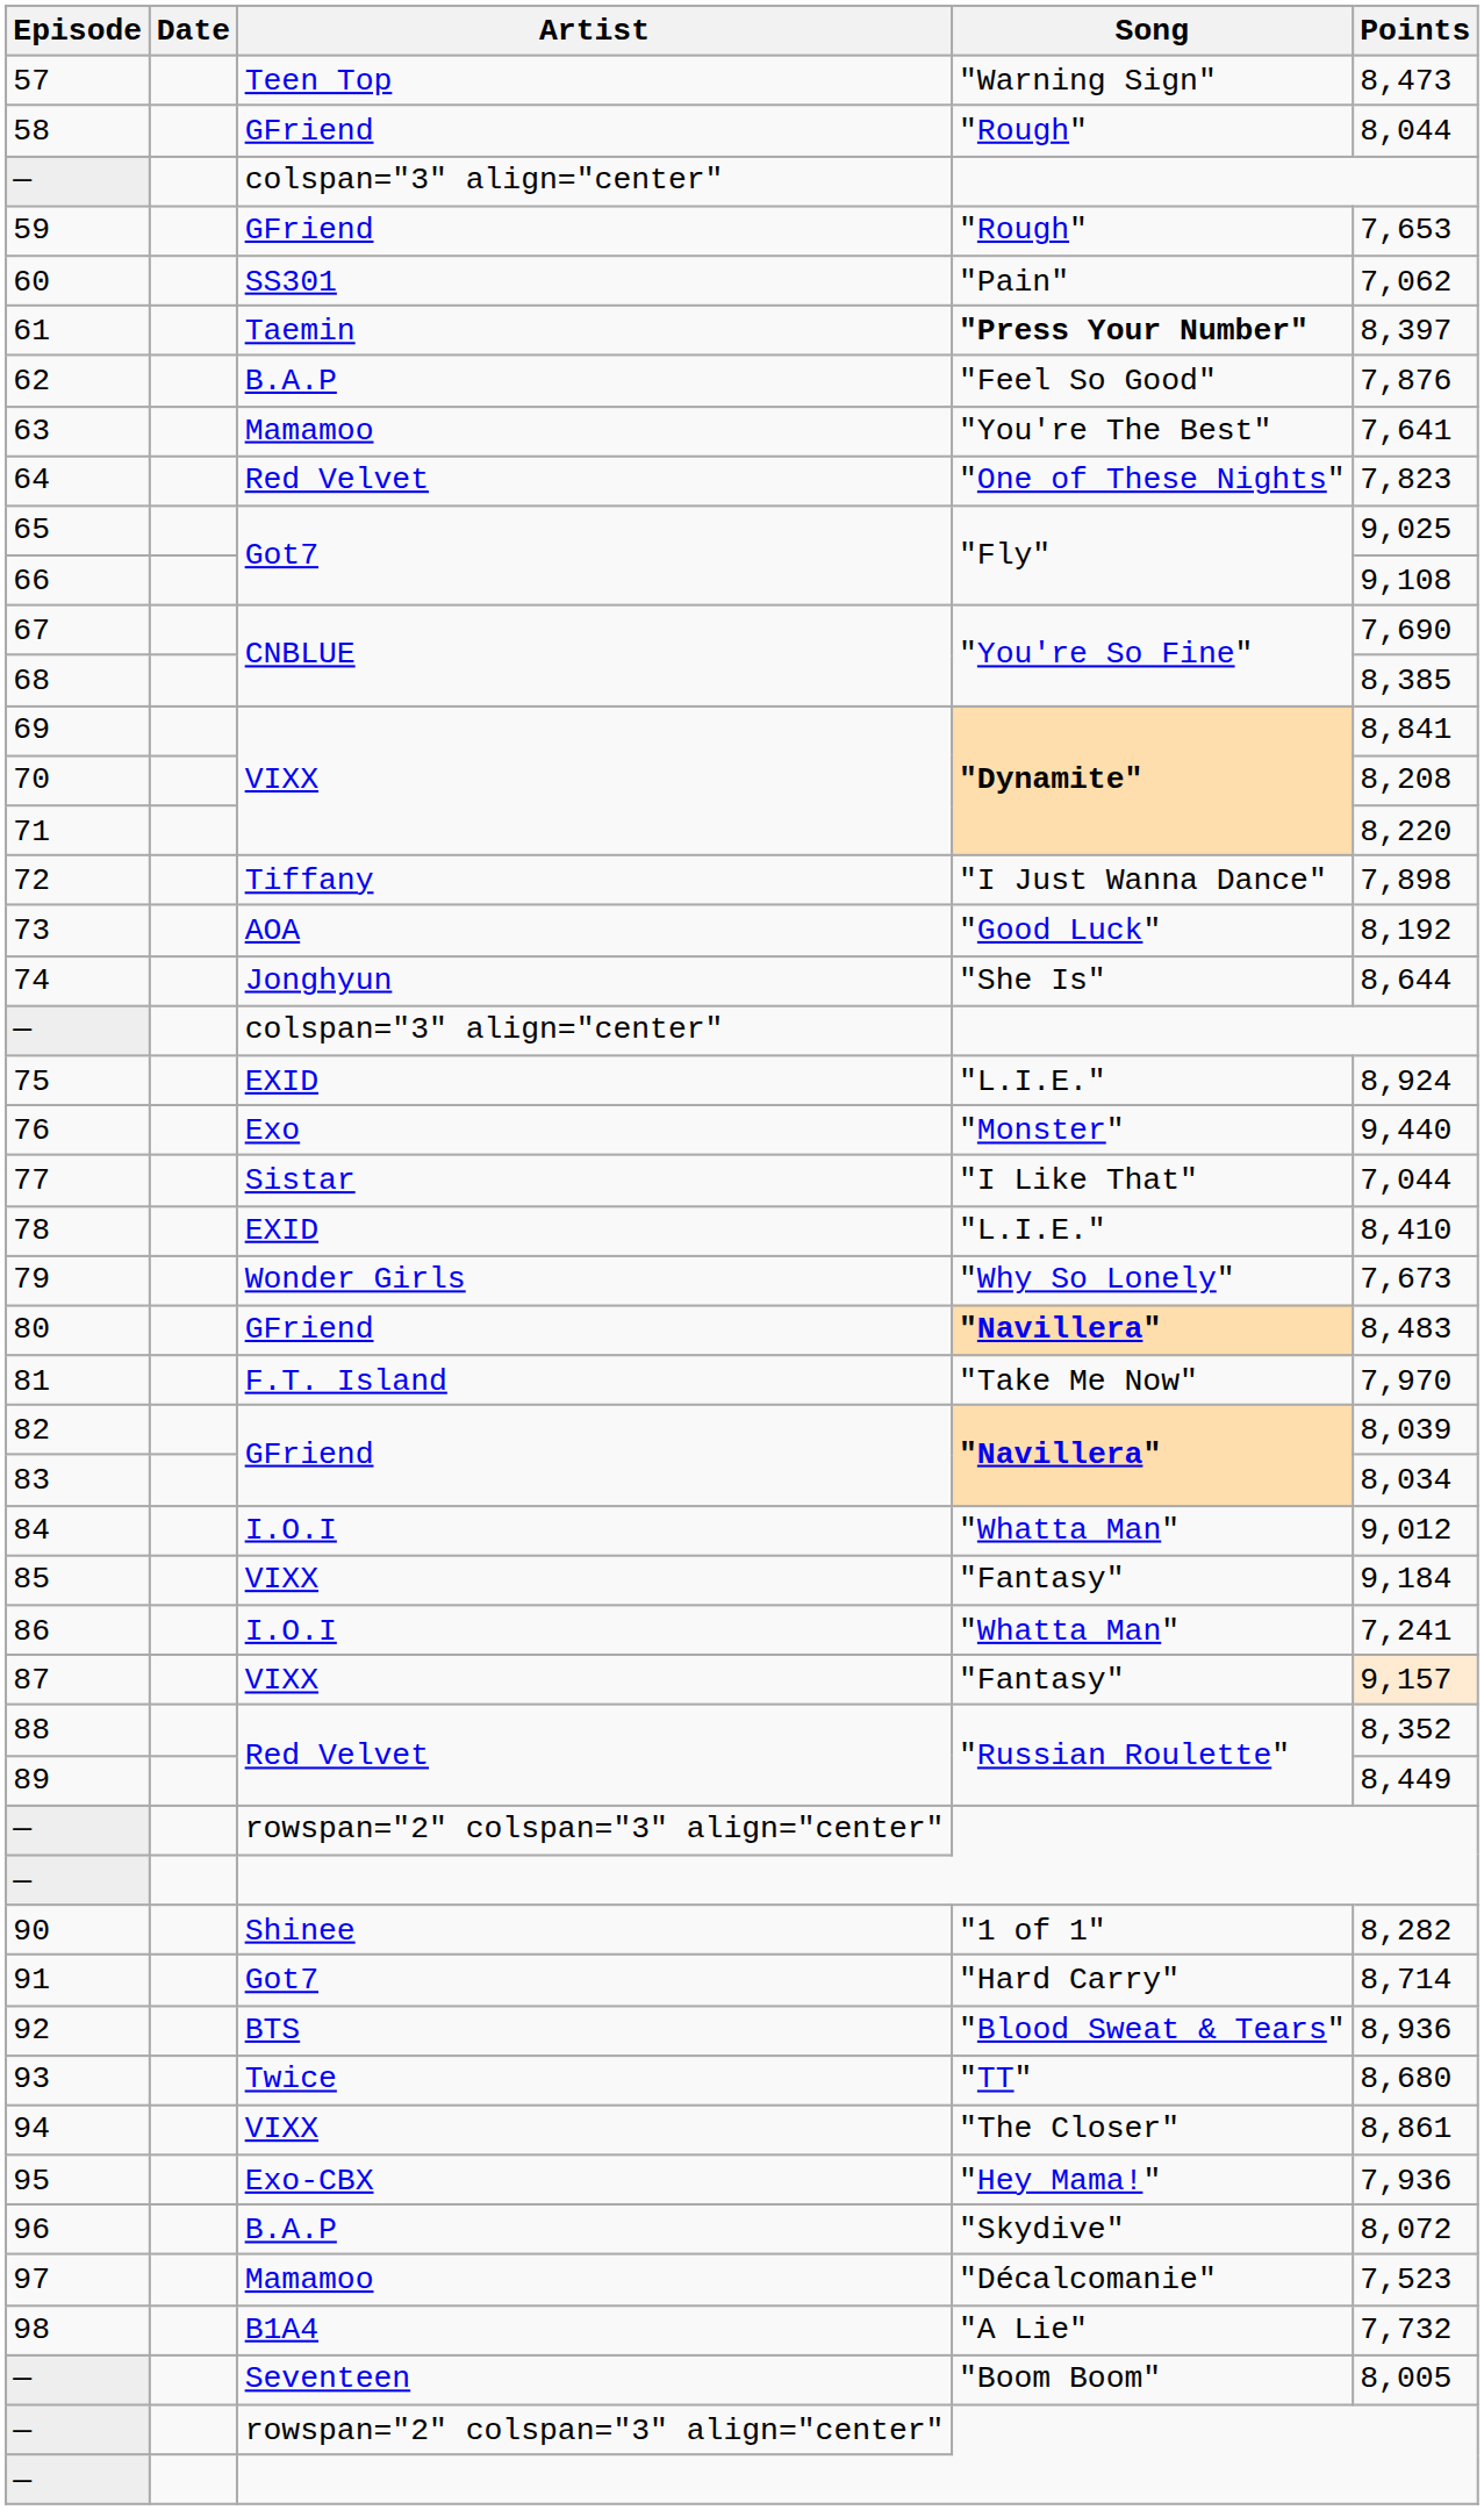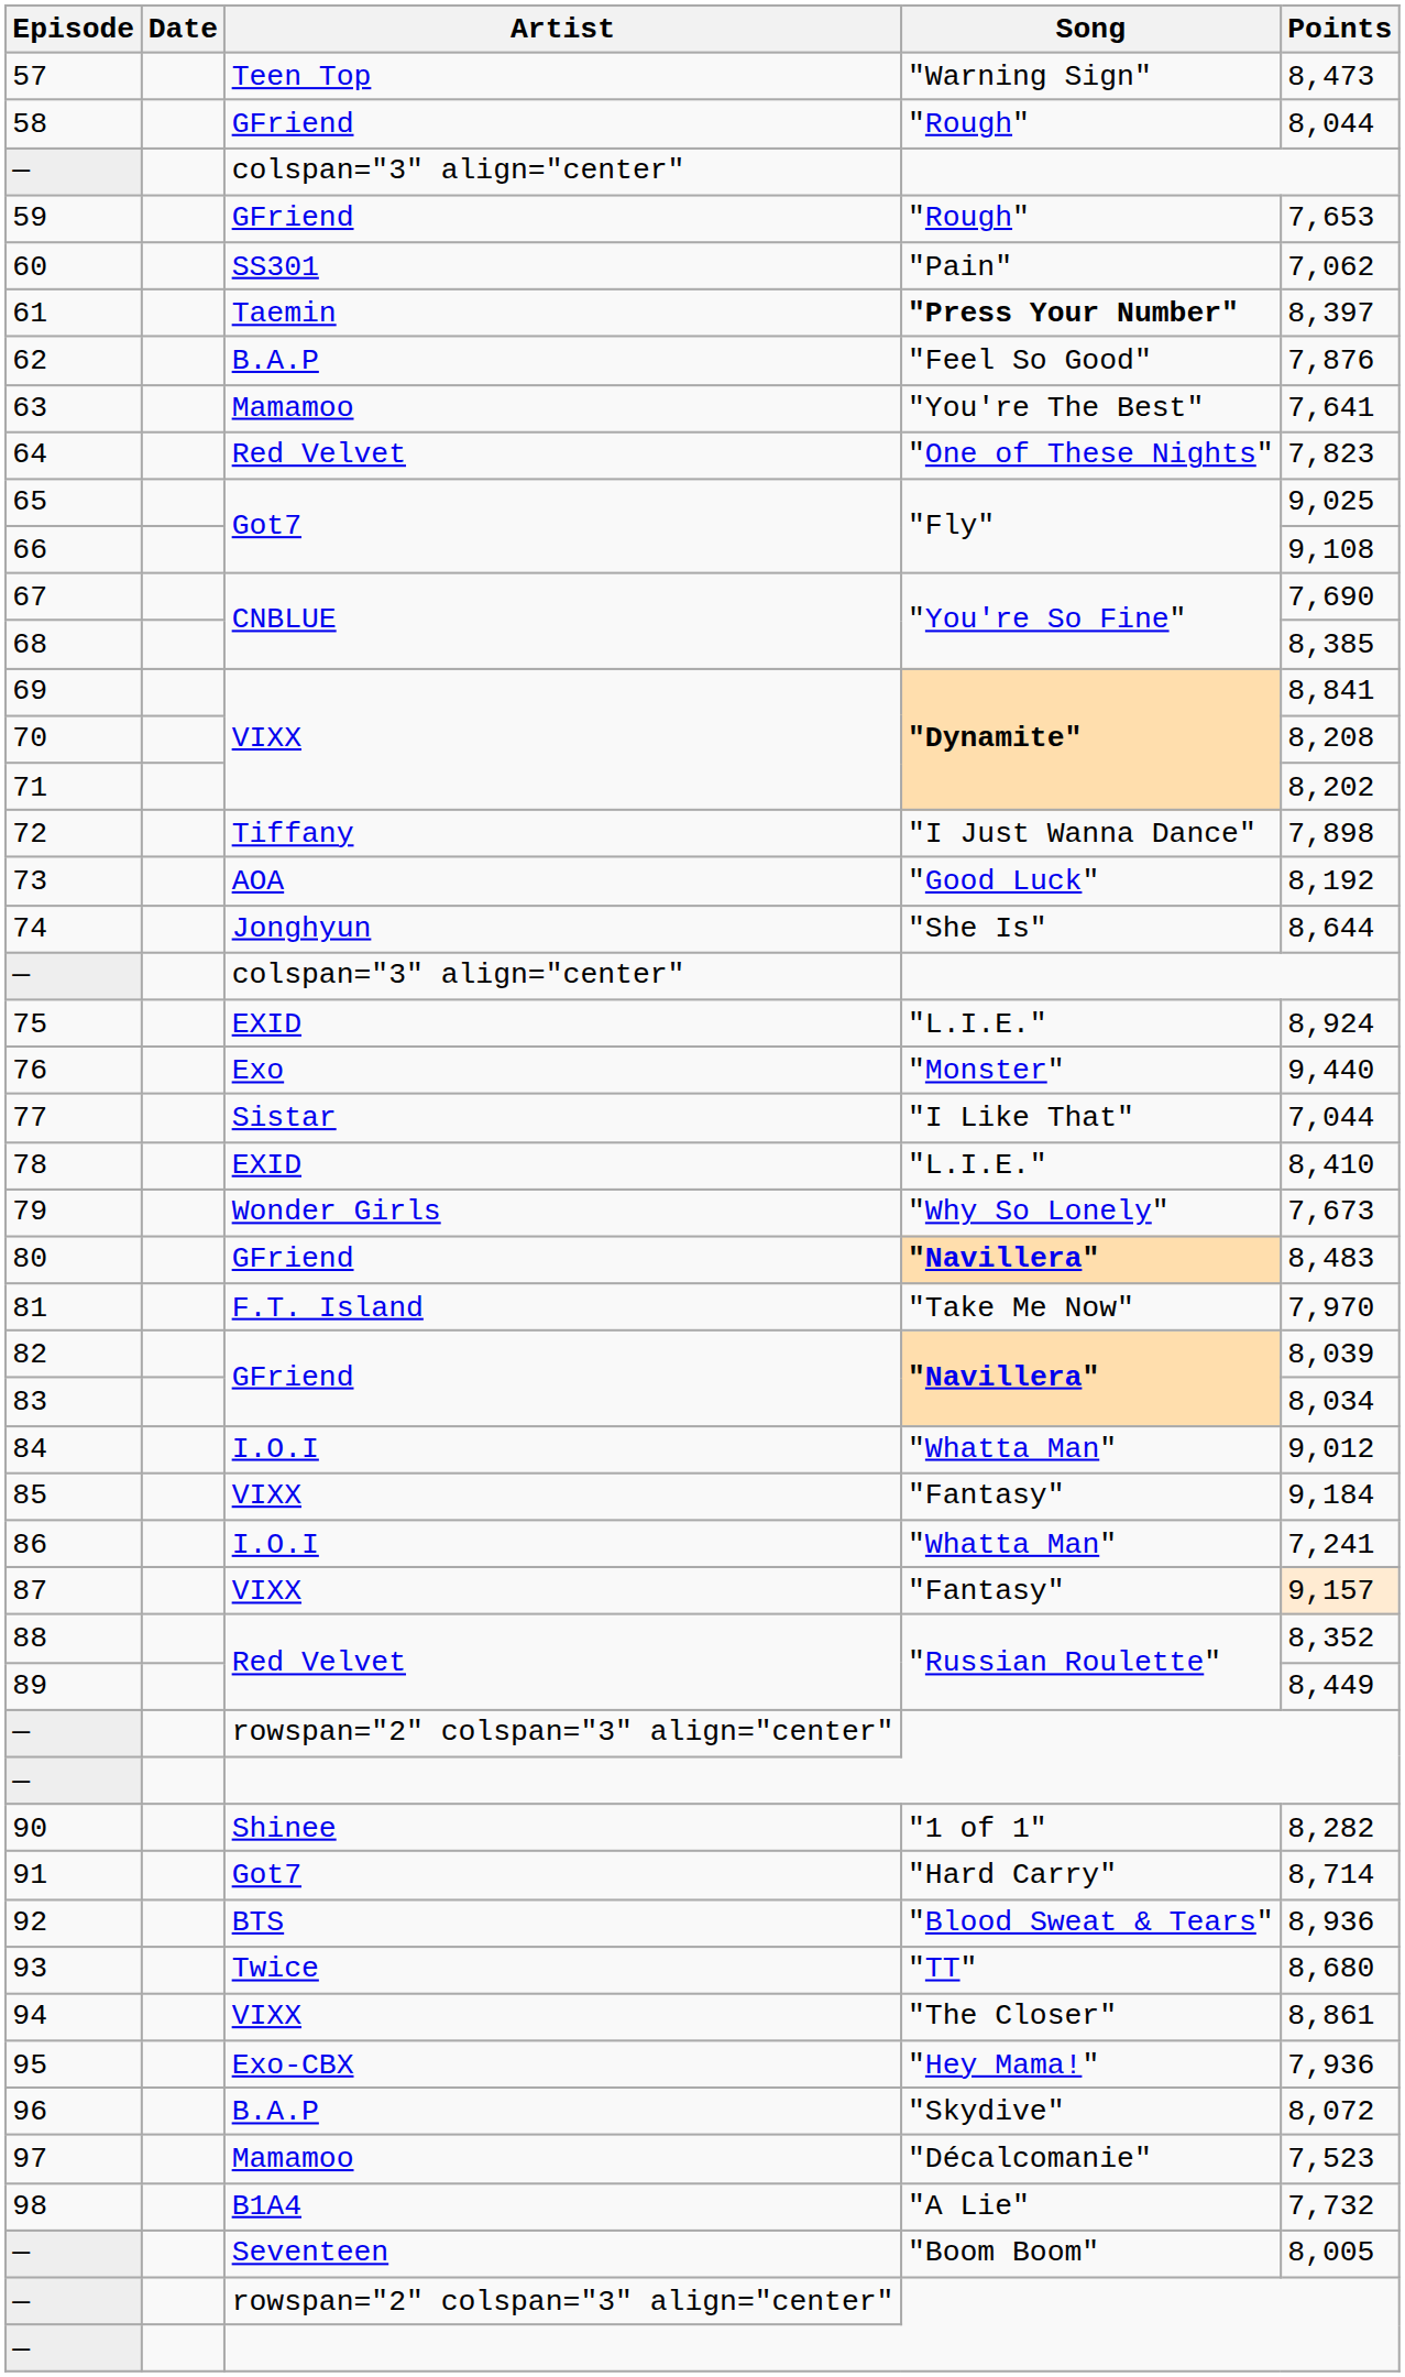 <table class="sortable wikitable">
 <tr>
 <th>Episode</th>
 <th>Date</th>
 <th>Artist</th>
 <th>Song</th>
 <th>Points</th>
 </tr>
 <tr>
 <td>57</td>
 <td></td>
 <td><a href='#'>Teen Top</a></td>
 <td>"Warning Sign"</td>
 <td>8,473</td>
 </tr>
 <tr>
 <td>58</td>
 <td></td>
 <td><a href='#'>GFriend</a></td>
 <td>"<a href='#'>Rough</a>"</td>
 <td>8,044</td>
 </tr>
 <tr>
 <td style="background:#eee;">—</td>
 <td></td>
 <td>colspan="3" align="center" </td>
 </tr>
 <tr>
 <td>59</td>
 <td></td>
 <td><a href='#'>GFriend</a></td>
 <td>"<a href='#'>Rough</a>"</td>
 <td>7,653</td>
 </tr>
 <tr>
 <td>60</td>
 <td></td>
 <td><a href='#'>SS301</a></td>
 <td>"Pain"</td>
 <td>7,062</td>
 </tr>
 <tr>
 <td>61</td>
 <td></td>
 <td><a href='#'>Taemin</a></td>
 <td><strong>"Press Your Number"</strong></td>
 <td>8,397</td>
 </tr>
 <tr>
 <td>62</td>
 <td></td>
 <td><a href='#'>B.A.P</a></td>
 <td>"Feel So Good"</td>
 <td>7,876</td>
 </tr>
 <tr>
 <td>63</td>
 <td></td>
 <td><a href='#'>Mamamoo</a></td>
 <td>"You're The Best"</td>
 <td>7,641</td>
 </tr>
 <tr>
 <td>64</td>
 <td></td>
 <td><a href='#'>Red Velvet</a></td>
 <td>"<a href='#'>One of These Nights</a>"</td>
 <td>7,823</td>
 </tr>
 <tr>
 <td>65</td>
 <td></td>
 <td rowspan="2"><a href='#'>Got7</a></td>
 <td rowspan="2">"Fly"</td>
 <td>9,025</td>
 </tr>
 <tr>
 <td>66</td>
 <td></td>
 <td>9,108</td>
 </tr>
 <tr>
 <td>67</td>
 <td></td>
 <td rowspan="2"><a href='#'>CNBLUE</a></td>
 <td rowspan="2">"<a href='#'>You're So Fine</a>"</td>
 <td>7,690</td>
 </tr>
 <tr>
 <td>68</td>
 <td></td>
 <td>8,385</td>
 </tr>
 <tr>
 <td>69</td>
 <td></td>
 <td rowspan="3"><a href='#'>VIXX</a></td>
 <td rowspan="3" style="font-weight: bold; background: navajowhite;">"Dynamite"</td>
 <td>8,841</td>
 </tr>
 <tr>
 <td>70</td>
 <td></td>
 <td>8,208</td>
 </tr>
 <tr>
 <td>71</td>
 <td></td>
-<td>8,220</td>
+<td>8,202</td>
 </tr>
 <tr>
 <td>72</td>
 <td></td>
 <td><a href='#'>Tiffany</a></td>
 <td>"I Just Wanna Dance"</td>
 <td>7,898</td>
 </tr>
 <tr>
 <td>73</td>
 <td></td>
 <td><a href='#'>AOA</a></td>
 <td>"<a href='#'>Good Luck</a>"</td>
 <td>8,192</td>
 </tr>
 <tr>
 <td>74</td>
 <td></td>
 <td><a href='#'>Jonghyun</a></td>
 <td>"She Is"</td>
 <td>8,644</td>
 </tr>
 <tr>
 <td style="background:#eee;">—</td>
 <td></td>
 <td>colspan="3" align="center" </td>
 </tr>
 <tr>
 <td>75</td>
 <td></td>
 <td><a href='#'>EXID</a></td>
 <td>"L.I.E."</td>
 <td>8,924</td>
 </tr>
 <tr>
 <td>76</td>
 <td></td>
 <td><a href='#'>Exo</a></td>
 <td>"<a href='#'>Monster</a>"</td>
 <td>9,440</td>
 </tr>
 <tr>
 <td>77</td>
 <td></td>
 <td><a href='#'>Sistar</a></td>
 <td>"I Like That"</td>
 <td>7,044</td>
 </tr>
 <tr>
 <td>78</td>
 <td></td>
 <td><a href='#'>EXID</a></td>
 <td>"L.I.E."</td>
 <td>8,410</td>
 </tr>
 <tr>
 <td>79</td>
 <td></td>
 <td><a href='#'>Wonder Girls</a></td>
 <td>"<a href='#'>Why So Lonely</a>"</td>
 <td>7,673</td>
 </tr>
 <tr>
 <td>80</td>
 <td></td>
 <td><a href='#'>GFriend</a></td>
 <td style="font-weight: bold; background: navajowhite;">"<a href='#'>Navillera</a>"</td>
 <td>8,483</td>
 </tr>
 <tr>
 <td>81</td>
 <td></td>
 <td><a href='#'>F.T. Island</a></td>
 <td>"Take Me Now"</td>
 <td>7,970</td>
 </tr>
 <tr>
 <td>82</td>
 <td></td>
 <td rowspan="2"><a href='#'>GFriend</a></td>
 <td rowspan="2" style="font-weight: bold; background: navajowhite;">"<a href='#'>Navillera</a>"</td>
 <td>8,039</td>
 </tr>
 <tr>
 <td>83</td>
 <td></td>
 <td>8,034</td>
 </tr>
 <tr>
 <td>84</td>
 <td></td>
 <td><a href='#'>I.O.I</a></td>
 <td>"<a href='#'>Whatta Man</a>"</td>
 <td>9,012</td>
 </tr>
 <tr>
 <td>85</td>
 <td></td>
 <td><a href='#'>VIXX</a></td>
 <td>"Fantasy"</td>
 <td>9,184</td>
 </tr>
 <tr>
 <td>86</td>
 <td></td>
 <td><a href='#'>I.O.I</a></td>
 <td>"<a href='#'>Whatta Man</a>"</td>
 <td>7,241</td>
 </tr>
 <tr>
 <td>87</td>
 <td></td>
 <td><a href='#'>VIXX</a></td>
 <td>"Fantasy"</td>
 <td style='background: #ffebd2;'>9,157</td>
 </tr>
 <tr>
 <td>88</td>
 <td></td>
 <td rowspan="2"><a href='#'>Red Velvet</a></td>
 <td rowspan="2">"<a href='#'>Russian Roulette</a>"</td>
 <td>8,352</td>
 </tr>
 <tr>
 <td>89</td>
 <td></td>
 <td>8,449</td>
 </tr>
 <tr>
 <td style="background:#eee;">—</td>
 <td></td>
 <td>rowspan="2" colspan="3" align="center" </td>
 </tr>
 <tr>
 <td style="background:#eee;">—</td>
 <td></td>
 </tr>
 <tr>
 <td>90</td>
 <td></td>
 <td><a href='#'>Shinee</a></td>
 <td>"1 of 1"</td>
 <td>8,282</td>
 </tr>
 <tr>
 <td>91</td>
 <td></td>
 <td><a href='#'>Got7</a></td>
 <td>"Hard Carry"</td>
 <td>8,714</td>
 </tr>
 <tr>
 <td>92</td>
 <td></td>
 <td><a href='#'>BTS</a></td>
 <td>"<a href='#'>Blood Sweat & Tears</a>"</td>
 <td>8,936</td>
 </tr>
 <tr>
 <td>93</td>
 <td></td>
 <td><a href='#'>Twice</a></td>
 <td>"<a href='#'>TT</a>"</td>
 <td>8,680</td>
 </tr>
 <tr>
 <td>94</td>
 <td></td>
 <td><a href='#'>VIXX</a></td>
 <td>"The Closer"</td>
 <td>8,861</td>
 </tr>
 <tr>
 <td>95</td>
 <td></td>
 <td><a href='#'>Exo-CBX</a></td>
 <td>"<a href='#'>Hey Mama!</a>"</td>
 <td>7,936</td>
 </tr>
 <tr>
 <td>96</td>
 <td></td>
 <td><a href='#'>B.A.P</a></td>
 <td>"Skydive"</td>
 <td>8,072</td>
 </tr>
 <tr>
 <td>97</td>
 <td></td>
 <td><a href='#'>Mamamoo</a></td>
 <td>"Décalcomanie"</td>
 <td>7,523</td>
 </tr>
 <tr>
 <td>98</td>
 <td></td>
 <td><a href='#'>B1A4</a></td>
 <td>"A Lie"</td>
 <td>7,732</td>
 </tr>
 <tr>
 <td style="background:#eee;">—</td>
 <td></td>
 <td><a href='#'>Seventeen</a> </td>
 <td>"Boom Boom"</td>
 <td>8,005</td>
 </tr>
 <tr>
 <td style="background:#eee;">—</td>
 <td></td>
 <td>rowspan="2" colspan="3" align="center" </td>
 </tr>
 <tr>
 <td style="background:#eee;">—</td>
 <td></td>
 </tr>
 </table>
